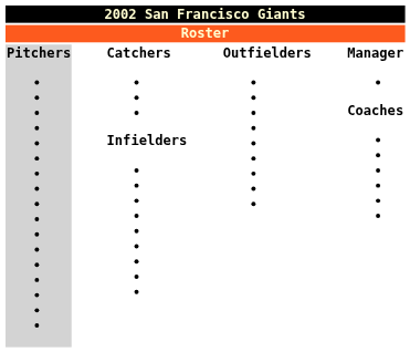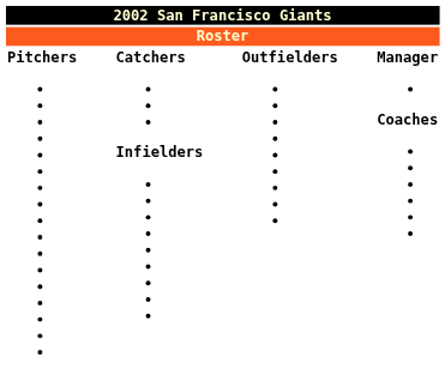 <table class="toccolours" style="font-size: 95%;">
 <tr>
 <th colspan="10" style="background-color: black; color: #FFFDD0; text-align: center;">2002 San Francisco Giants</th>
 </tr>
 <tr>
 <td colspan="10" style="background-color: #fd5a1e; color: #FFFDD0; text-align: center;"><strong>Roster</strong></td>
 </tr>
 <tr>
-<td valign="top" style="background: lightgrey;"><strong>Pitchers</strong><br><ul><li></li><li></li><li></li><li></li><li></li><li></li><li></li><li></li><li></li><li></li><li></li><li></li><li></li><li></li><li></li><li></li><li></li></ul></td>
+<td valign="top"><strong>Pitchers</strong><br><ul><li></li><li></li><li></li><li></li><li></li><li></li><li></li><li></li><li></li><li></li><li></li><li></li><li></li><li></li><li></li><li></li><li></li></ul></td>
 <td width="25px"></td>
 <td valign="top"><strong>Catchers</strong><br><ul><li></li><li></li><li></li></ul><strong>Infielders</strong><ul><li></li><li></li><li></li><li></li><li></li><li></li><li></li><li></li><li></li></ul></td>
 <td width="25px"></td>
 <td valign="top"><strong>Outfielders</strong><br><ul><li></li><li></li><li></li><li></li><li></li><li></li><li></li><li></li><li></li></ul></td>
 <td width="25px"></td>
 <td valign="top"><strong>Manager</strong><br><ul><li></li></ul><strong>Coaches</strong><ul><li></li><li></li><li></li><li></li><li></li><li></li></ul></td>
 </tr>
 <tr>
 </tr>
 </table>
